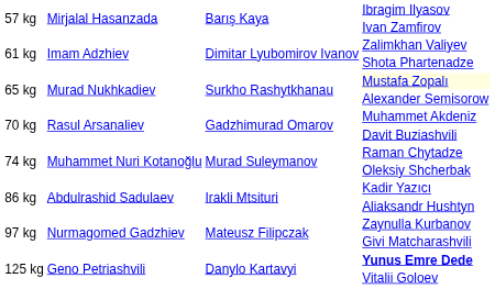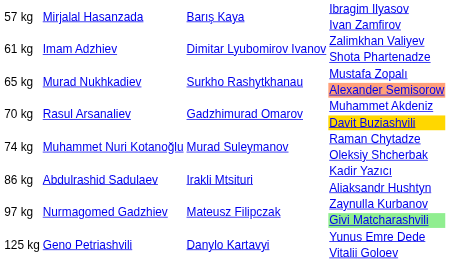 <table>
 <tr>
 <td rowspan=2>57 kg</td>
 <td rowspan=2> <a href='#'>Mirjalal Hasanzada</a></td>
 <td rowspan=2> <a href='#'>Barış Kaya</a></td>
 <td> <a href='#'>Ibragim Ilyasov</a></td>
 </tr>
 <tr>
 <td> <a href='#'>Ivan Zamfirov</a></td>
 </tr>
 <tr>
 <td rowspan=2>61 kg</td>
 <td rowspan=2> <a href='#'>Imam Adzhiev</a></td>
 <td rowspan=2> <a href='#'>Dimitar Lyubomirov Ivanov</a></td>
 <td> <a href='#'>Zalimkhan Valiyev</a></td>
 </tr>
 <tr>
 <td> <a href='#'>Shota Phartenadze</a></td>
 </tr>
 <tr>
 <td rowspan=2>65 kg</td>
 <td rowspan=2> <a href='#'>Murad Nukhkadiev</a></td>
 <td rowspan=2> <a href='#'>Surkho Rashytkhanau</a></td>
-<td style="background: lightyellow;"> <a href='#'>Mustafa Zopalı</a></td>
+<td> <a href='#'>Mustafa Zopalı</a></td>
 </tr>
 <tr>
-<td> <a href='#'>Alexander Semisorow</a></td>
+<td style="background: lightsalmon;"> <a href='#'>Alexander Semisorow</a></td>
 </tr>
 <tr>
 <td rowspan=2>70 kg</td>
 <td rowspan=2> <a href='#'>Rasul Arsanaliev</a></td>
 <td rowspan=2> <a href='#'>Gadzhimurad Omarov</a></td>
 <td> <a href='#'>Muhammet Akdeniz</a></td>
 </tr>
 <tr>
-<td> <a href='#'>Davit Buziashvili</a></td>
+<td style="background: gold;"> <a href='#'>Davit Buziashvili</a></td>
 </tr>
 <tr>
 <td rowspan=2>74 kg</td>
 <td rowspan=2> <a href='#'>Muhammet Nuri Kotanoğlu</a></td>
 <td rowspan=2> <a href='#'>Murad Suleymanov</a></td>
 <td> <a href='#'>Raman Chytadze</a></td>
 </tr>
 <tr>
 <td> <a href='#'>Oleksiy Shcherbak</a></td>
 </tr>
 <tr>
 <td rowspan=2>86 kg</td>
 <td rowspan=2> <a href='#'>Abdulrashid Sadulaev</a></td>
 <td rowspan=2> <a href='#'>Irakli Mtsituri</a></td>
 <td> <a href='#'>Kadir Yazıcı</a></td>
 </tr>
 <tr>
 <td> <a href='#'>Aliaksandr Hushtyn</a></td>
 </tr>
 <tr>
 <td rowspan=2>97 kg</td>
 <td rowspan=2> <a href='#'>Nurmagomed Gadzhiev</a></td>
 <td rowspan=2> <a href='#'>Mateusz Filipczak</a></td>
 <td> <a href='#'>Zaynulla Kurbanov</a></td>
 </tr>
 <tr>
-<td> <a href='#'>Givi Matcharashvili</a></td>
+<td style="background: lightgreen;"> <a href='#'>Givi Matcharashvili</a></td>
 </tr>
 <tr>
 <td rowspan=2>125 kg</td>
 <td rowspan=2> <a href='#'>Geno Petriashvili</a></td>
 <td rowspan=2> <a href='#'>Danylo Kartavyi</a></td>
-<td><strong> <a href='#'>Yunus Emre Dede</a></strong></td>
+<td> <a href='#'>Yunus Emre Dede</a></td>
 </tr>
 <tr>
 <td> <a href='#'>Vitalii Goloev</a></td>
 </tr>
 </table>
